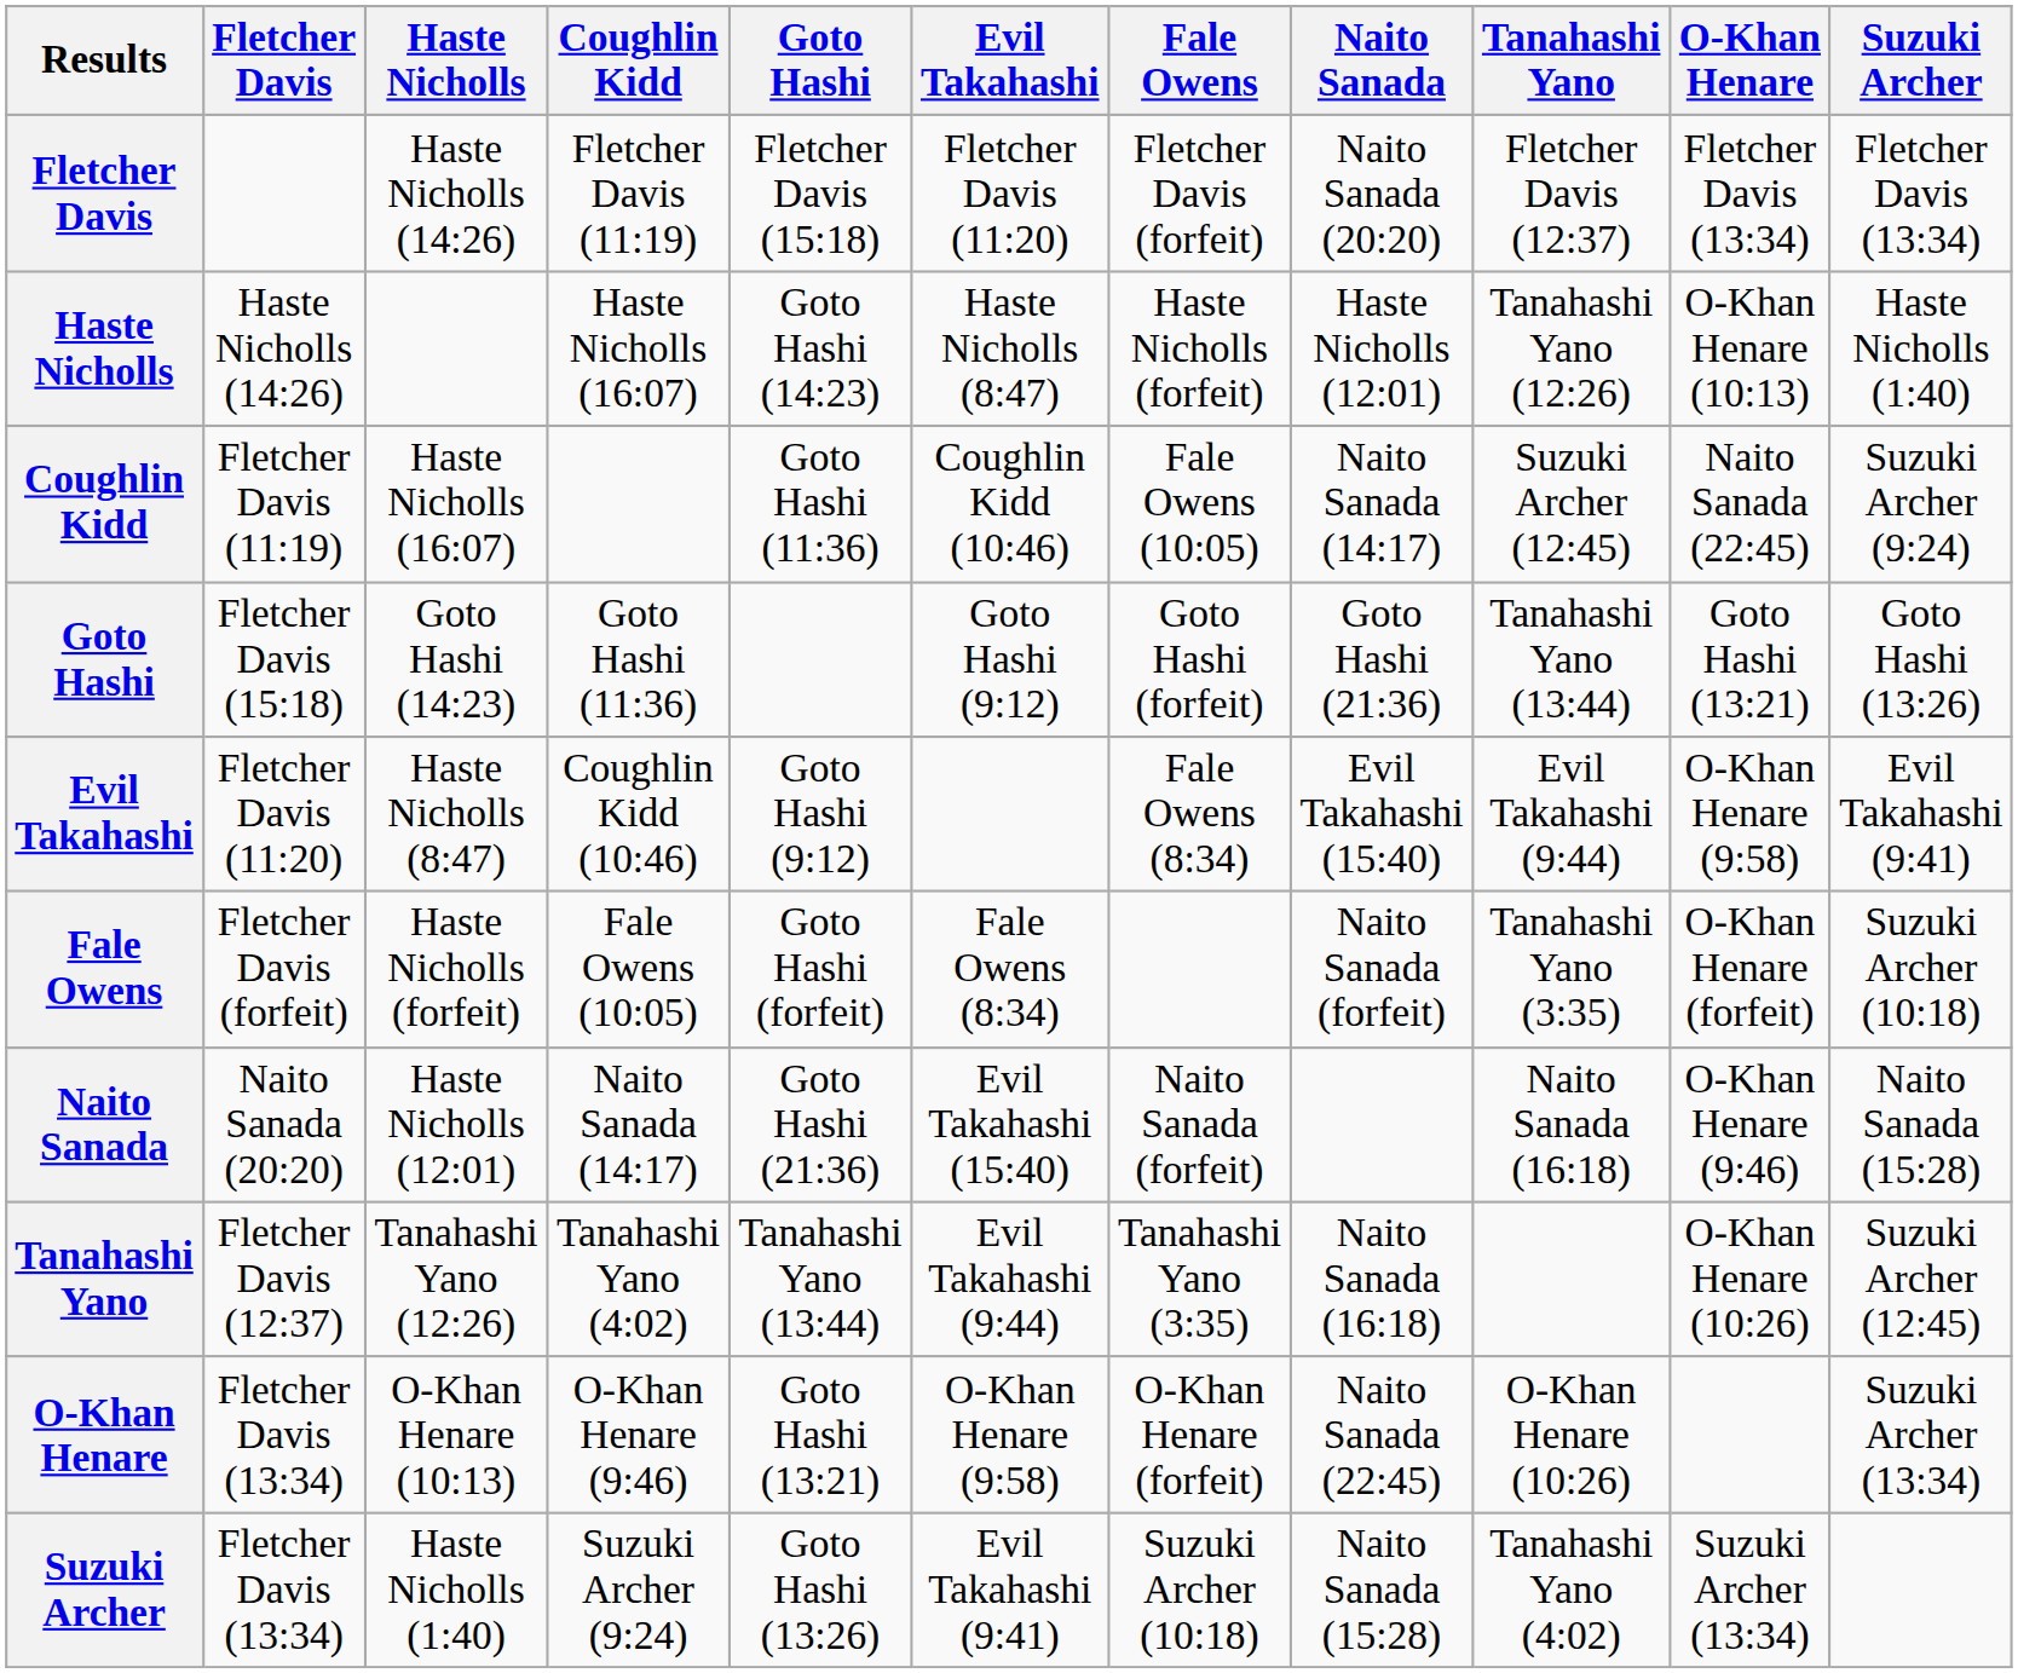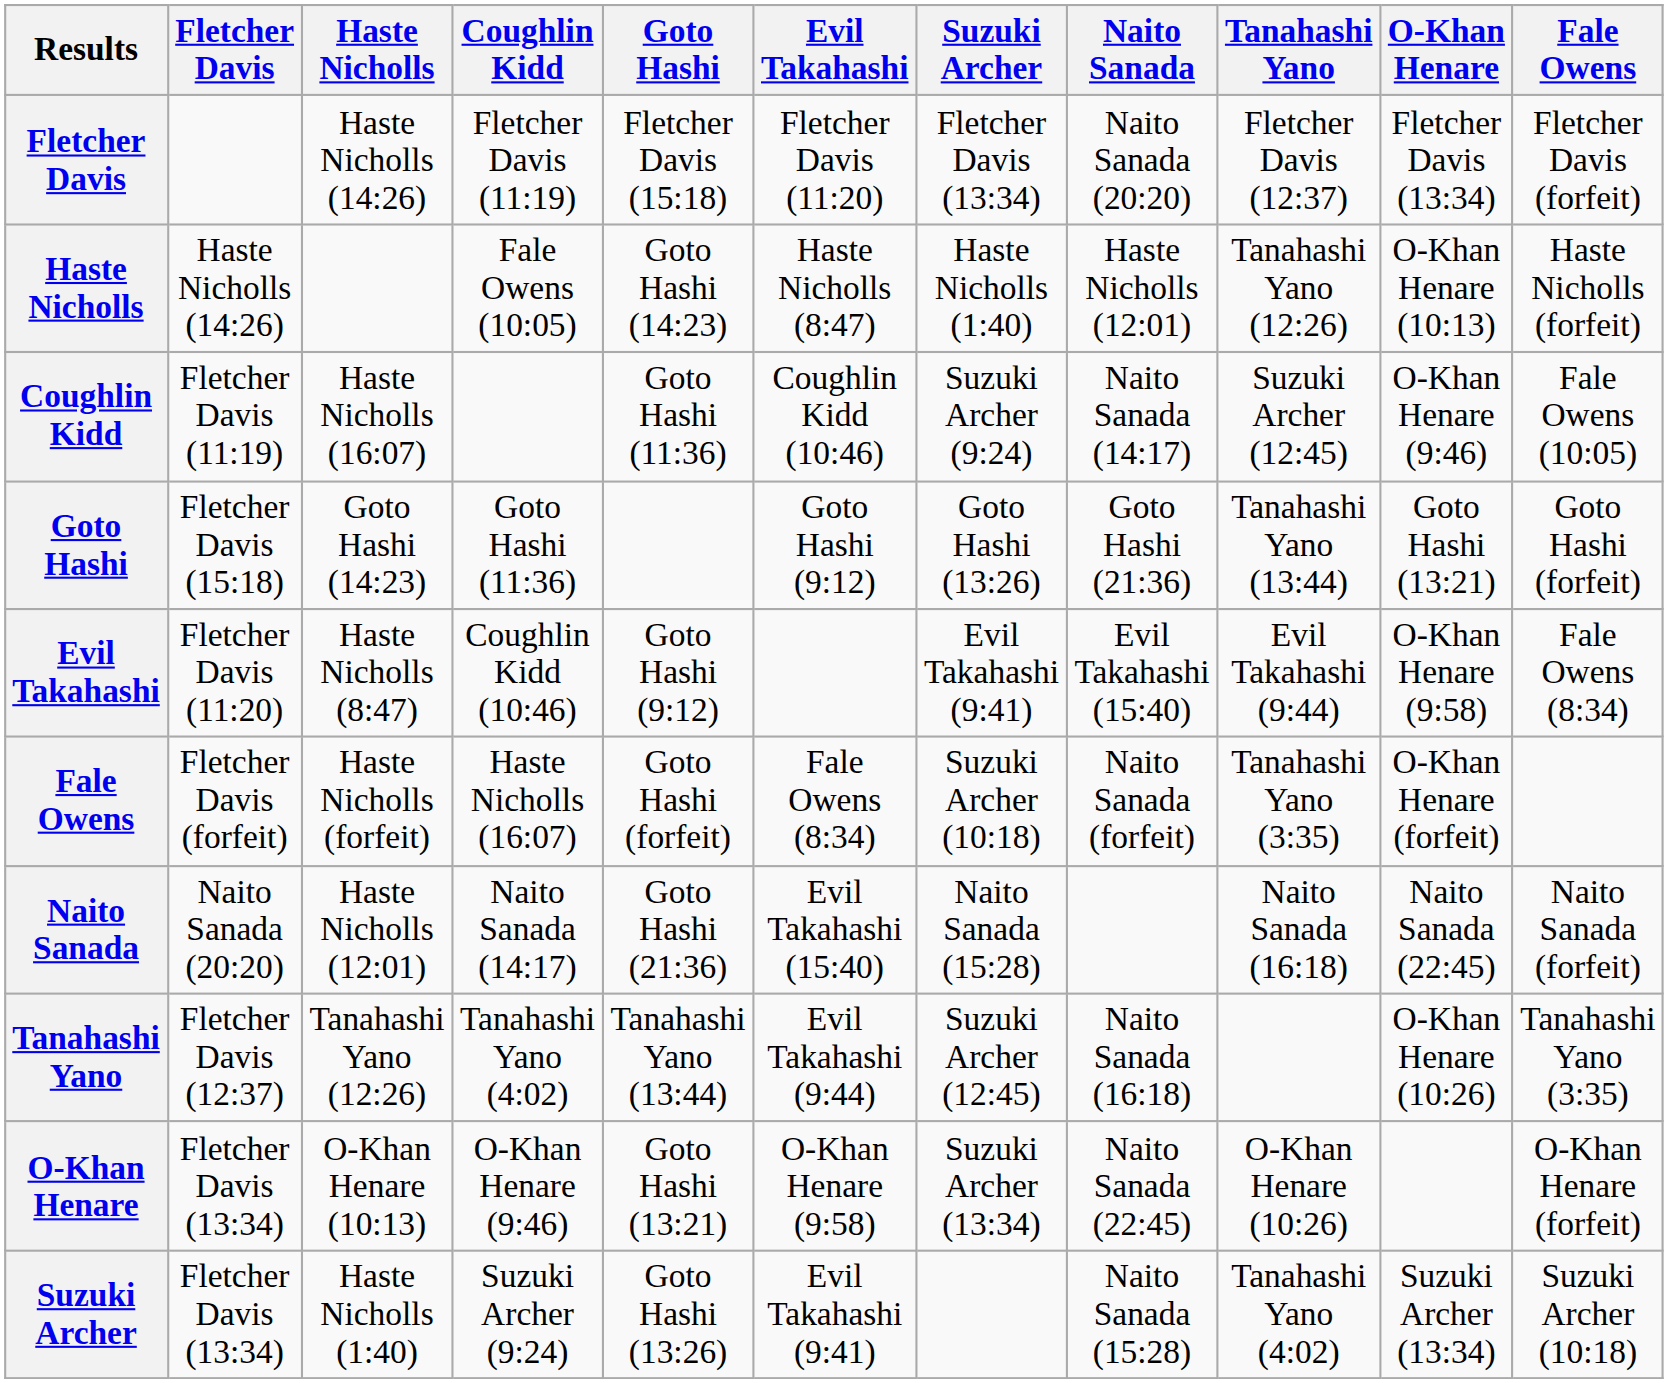 <table class="wikitable" style="margin: 1em auto 1em auto;text-align:center">
 <tr align="center">
 <th>Results</th>
 <th><a href='#'>Fletcher</a><br><a href='#'>Davis</a></th>
 <th><a href='#'>Haste</a><br><a href='#'>Nicholls</a></th>
 <th><a href='#'>Coughlin</a><br><a href='#'>Kidd</a></th>
 <th><a href='#'>Goto</a><br><a href='#'>Hashi</a></th>
 <th><a href='#'>Evil</a><br><a href='#'>Takahashi</a></th>
-<th><a href='#'>Fale</a><br><a href='#'>Owens</a></th>
+<th><a href='#'>Suzuki</a><br><a href='#'>Archer</a></th>
 <th><a href='#'>Naito</a><br><a href='#'>Sanada</a></th>
 <th><a href='#'>Tanahashi</a><br><a href='#'>Yano</a></th>
 <th><a href='#'>O-Khan</a><br><a href='#'>Henare</a></th>
-<th><a href='#'>Suzuki</a><br><a href='#'>Archer</a></th>
+<th><a href='#'>Fale</a><br><a href='#'>Owens</a></th>
 </tr>
 <tr align="center">
 <th><a href='#'>Fletcher</a><br><a href='#'>Davis</a></th>
 <td></td>
 <td>Haste<br>Nicholls<br>(14:26)</td>
 <td>Fletcher<br>Davis<br>(11:19)</td>
 <td>Fletcher<br>Davis<br>(15:18)</td>
 <td>Fletcher<br>Davis<br>(11:20)</td>
-<td>Fletcher<br>Davis<br>(forfeit)</td>
+<td>Fletcher<br>Davis<br>(13:34)</td>
 <td>Naito<br>Sanada<br>(20:20)</td>
 <td>Fletcher<br>Davis<br>(12:37)</td>
 <td>Fletcher<br>Davis<br>(13:34)</td>
-<td>Fletcher<br>Davis<br>(13:34)</td>
+<td>Fletcher<br>Davis<br>(forfeit)</td>
 </tr>
 <tr align="center">
 <th><a href='#'>Haste</a><br><a href='#'>Nicholls</a></th>
 <td>Haste<br>Nicholls<br>(14:26)</td>
 <td></td>
-<td>Haste<br>Nicholls<br>(16:07)</td>
+<td>Fale<br>Owens<br>(10:05)</td>
 <td>Goto<br>Hashi<br>(14:23)</td>
 <td>Haste<br>Nicholls<br>(8:47)</td>
-<td>Haste<br>Nicholls<br>(forfeit)</td>
+<td>Haste<br>Nicholls<br>(1:40)</td>
 <td>Haste<br>Nicholls<br>(12:01)</td>
 <td>Tanahashi<br>Yano<br>(12:26)</td>
 <td>O-Khan<br>Henare<br>(10:13)</td>
-<td>Haste<br>Nicholls<br>(1:40)</td>
+<td>Haste<br>Nicholls<br>(forfeit)</td>
 </tr>
 <tr align="center">
 <th><a href='#'>Coughlin</a><br><a href='#'>Kidd</a></th>
 <td>Fletcher<br>Davis<br>(11:19)</td>
 <td>Haste<br>Nicholls<br>(16:07)</td>
 <td></td>
 <td>Goto<br>Hashi<br>(11:36)</td>
 <td>Coughlin<br>Kidd<br>(10:46)</td>
-<td>Fale<br>Owens<br>(10:05)</td>
+<td>Suzuki<br>Archer<br>(9:24)</td>
 <td>Naito<br>Sanada<br>(14:17)</td>
 <td>Suzuki<br>Archer<br>(12:45)</td>
-<td>Naito<br>Sanada<br>(22:45)</td>
-<td>Suzuki<br>Archer<br>(9:24)</td>
+<td>O-Khan<br>Henare<br>(9:46)</td>
+<td>Fale<br>Owens<br>(10:05)</td>
 </tr>
 <tr align="center">
 <th><a href='#'>Goto</a><br><a href='#'>Hashi</a></th>
 <td>Fletcher<br>Davis<br>(15:18)</td>
 <td>Goto<br>Hashi<br>(14:23)</td>
 <td>Goto<br>Hashi<br>(11:36)</td>
 <td></td>
 <td>Goto<br>Hashi<br>(9:12)</td>
-<td>Goto<br>Hashi<br>(forfeit)</td>
+<td>Goto<br>Hashi<br>(13:26)</td>
 <td>Goto<br>Hashi<br>(21:36)</td>
 <td>Tanahashi<br>Yano<br>(13:44)</td>
 <td>Goto<br>Hashi<br>(13:21)</td>
-<td>Goto<br>Hashi<br>(13:26)</td>
+<td>Goto<br>Hashi<br>(forfeit)</td>
 </tr>
 <tr align="center">
 <th><a href='#'>Evil</a><br><a href='#'>Takahashi</a></th>
 <td>Fletcher<br>Davis<br>(11:20)</td>
 <td>Haste<br>Nicholls<br>(8:47)</td>
 <td>Coughlin<br>Kidd<br>(10:46)</td>
 <td>Goto<br>Hashi<br>(9:12)</td>
 <td></td>
-<td>Fale<br>Owens<br>(8:34)</td>
+<td>Evil<br>Takahashi<br>(9:41)</td>
 <td>Evil<br>Takahashi<br>(15:40)</td>
 <td>Evil<br>Takahashi<br>(9:44)</td>
 <td>O-Khan<br>Henare<br>(9:58)</td>
-<td>Evil<br>Takahashi<br>(9:41)</td>
+<td>Fale<br>Owens<br>(8:34)</td>
 </tr>
 <tr align="center">
 <th><a href='#'>Fale</a><br><a href='#'>Owens</a></th>
 <td>Fletcher<br>Davis<br>(forfeit)</td>
 <td>Haste<br>Nicholls<br>(forfeit)</td>
-<td>Fale<br>Owens<br>(10:05)</td>
+<td>Haste<br>Nicholls<br>(16:07)</td>
 <td>Goto<br>Hashi<br>(forfeit)</td>
 <td>Fale<br>Owens<br>(8:34)</td>
-<td></td>
+<td>Suzuki<br>Archer<br>(10:18)</td>
 <td>Naito<br>Sanada<br>(forfeit)</td>
 <td>Tanahashi<br>Yano<br>(3:35)</td>
 <td>O-Khan<br>Henare<br>(forfeit)</td>
-<td>Suzuki<br>Archer<br>(10:18)</td>
+<td></td>
 </tr>
 <tr align="center">
 <th><a href='#'>Naito</a><br><a href='#'>Sanada</a></th>
 <td>Naito<br>Sanada<br>(20:20)</td>
 <td>Haste<br>Nicholls<br>(12:01)</td>
 <td>Naito<br>Sanada<br>(14:17)</td>
 <td>Goto<br>Hashi<br>(21:36)</td>
 <td>Evil<br>Takahashi<br>(15:40)</td>
-<td>Naito<br>Sanada<br>(forfeit)</td>
+<td>Naito<br>Sanada<br>(15:28)</td>
 <td></td>
 <td>Naito<br>Sanada<br>(16:18)</td>
-<td>O-Khan<br>Henare<br>(9:46)</td>
-<td>Naito<br>Sanada<br>(15:28)</td>
+<td>Naito<br>Sanada<br>(22:45)</td>
+<td>Naito<br>Sanada<br>(forfeit)</td>
 </tr>
 <tr align="center">
 <th><a href='#'>Tanahashi</a><br><a href='#'>Yano</a></th>
 <td>Fletcher<br>Davis<br>(12:37)</td>
 <td>Tanahashi<br>Yano<br>(12:26)</td>
 <td>Tanahashi<br>Yano<br>(4:02)</td>
 <td>Tanahashi<br>Yano<br>(13:44)</td>
 <td>Evil<br>Takahashi<br>(9:44)</td>
-<td>Tanahashi<br>Yano<br>(3:35)</td>
+<td>Suzuki<br>Archer<br>(12:45)</td>
 <td>Naito<br>Sanada<br>(16:18)</td>
 <td></td>
 <td>O-Khan<br>Henare<br>(10:26)</td>
-<td>Suzuki<br>Archer<br>(12:45)</td>
+<td>Tanahashi<br>Yano<br>(3:35)</td>
 </tr>
 <tr align="center">
 <th><a href='#'>O-Khan</a><br><a href='#'>Henare</a></th>
 <td>Fletcher<br>Davis<br>(13:34)</td>
 <td>O-Khan<br>Henare<br>(10:13)</td>
 <td>O-Khan<br>Henare<br>(9:46)</td>
 <td>Goto<br>Hashi<br>(13:21)</td>
 <td>O-Khan<br>Henare<br>(9:58)</td>
-<td>O-Khan<br>Henare<br>(forfeit)</td>
+<td>Suzuki<br>Archer<br>(13:34)</td>
 <td>Naito<br>Sanada<br>(22:45)</td>
 <td>O-Khan<br>Henare<br>(10:26)</td>
 <td></td>
-<td>Suzuki<br>Archer<br>(13:34)</td>
+<td>O-Khan<br>Henare<br>(forfeit)</td>
 </tr>
 <tr align="center">
 <th><a href='#'>Suzuki</a><br><a href='#'>Archer</a></th>
 <td>Fletcher<br>Davis<br>(13:34)</td>
 <td>Haste<br>Nicholls<br>(1:40)</td>
 <td>Suzuki<br>Archer<br>(9:24)</td>
 <td>Goto<br>Hashi<br>(13:26)</td>
 <td>Evil<br>Takahashi<br>(9:41)</td>
-<td>Suzuki<br>Archer<br>(10:18)</td>
+<td></td>
 <td>Naito<br>Sanada<br>(15:28)</td>
 <td>Tanahashi<br>Yano<br>(4:02)</td>
 <td>Suzuki<br>Archer<br>(13:34)</td>
-<td></td>
+<td>Suzuki<br>Archer<br>(10:18)</td>
 </tr>
 </table>
